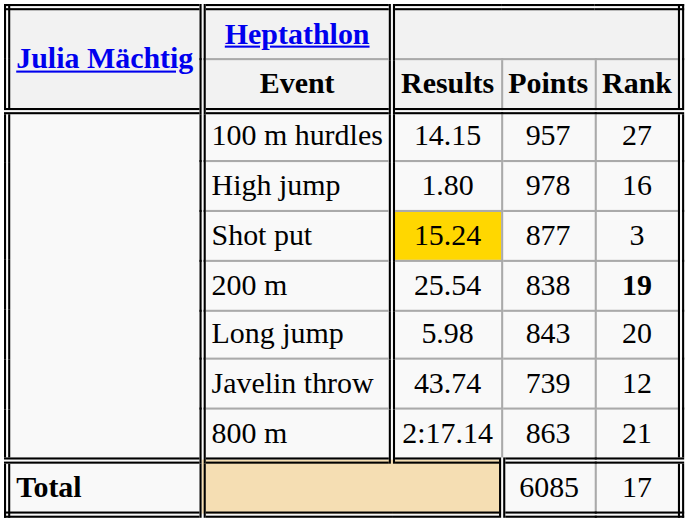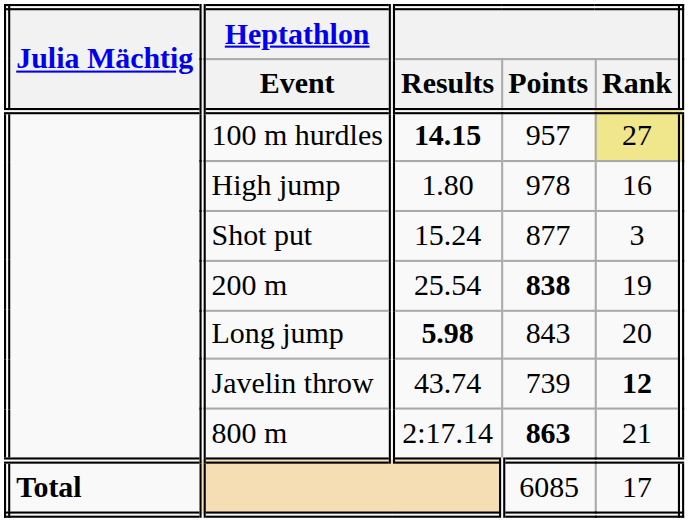 <table class=wikitable style="font-size:90%; border: double;">
 <tr>
 <th style="border-right:double" rowspan="2"><a href='#'>Julia Mächtig</a></th>
 <th style="border-right:double"><a href='#'>Heptathlon</a></th>
 <th colspan="3"></th>
 </tr>
 <tr>
 <th style="border-right:double">Event</th>
 <th>Results</th>
 <th>Points</th>
 <th>Rank</th>
 </tr>
 <tr style="border-top: double;">
 <td style="border-right:double" rowspan="7"></td>
 <td style="border-right:double">100 m hurdles</td>
-<td align=center>14.15</td>
+<td align=center><strong>14.15</strong></td>
 <td align=center>957</td>
-<td align=center>27</td>
+<td align=center style="background: khaki;">27</td>
 </tr>
 <tr>
 <td style="border-right:double">High jump</td>
 <td align=center>1.80</td>
 <td align=center>978</td>
 <td align=center>16</td>
 </tr>
 <tr>
 <td style="border-right:double">Shot put</td>
-<td align=center style="background: gold;">15.24</td>
+<td align=center>15.24</td>
 <td align=center>877</td>
 <td align=center>3</td>
 </tr>
 <tr>
 <td style="border-right:double">200 m</td>
 <td align=center>25.54</td>
-<td align=center>838</td>
-<td align=center><strong>19</strong></td>
+<td align=center><strong>838</strong></td>
+<td align=center>19</td>
 </tr>
 <tr>
 <td style="border-right:double">Long jump</td>
-<td align=center>5.98</td>
+<td align=center><strong>5.98</strong></td>
 <td align=center>843</td>
 <td align=center>20</td>
 </tr>
 <tr>
 <td style="border-right:double">Javelin throw</td>
 <td align=center>43.74</td>
 <td align=center>739</td>
-<td align=center>12</td>
+<td align=center><strong>12</strong></td>
 </tr>
 <tr>
 <td style="border-right:double">800 m</td>
 <td align=center>2:17.14</td>
-<td align=center>863</td>
+<td align=center><strong>863</strong></td>
 <td align=center>21</td>
 </tr>
 <tr style="border-top: double;">
 <td style="border-right:double"><strong>Total</strong></td>
 <td colspan="2" style="background:wheat; border-right:double;"></td>
 <td align=center>6085</td>
 <td align=center>17</td>
 </tr>
 </table>
